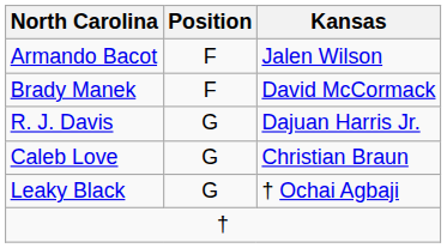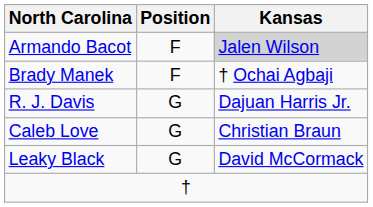 <table class="wikitable">
 <tr>
 <th>North Carolina</th>
 <th colspan="2">Position</th>
 <th>Kansas</th>
 </tr>
 <tr>
 <td><a href='#'>Armando Bacot</a></td>
 <td colspan=2 style="text-align:center">F</td>
-<td><a href='#'>Jalen Wilson</a></td>
+<td style="background: lightgrey;"><a href='#'>Jalen Wilson</a></td>
 </tr>
 <tr>
 <td><a href='#'>Brady Manek</a></td>
 <td colspan=2 style="text-align:center">F</td>
-<td><a href='#'>David McCormack</a></td>
+<td>† <a href='#'>Ochai Agbaji</a></td>
 </tr>
 <tr>
 <td><a href='#'>R. J. Davis</a></td>
 <td colspan=2 style="text-align:center">G</td>
 <td><a href='#'>Dajuan Harris Jr.</a></td>
 </tr>
 <tr>
 <td><a href='#'>Caleb Love</a></td>
 <td colspan=2 style="text-align:center">G</td>
 <td><a href='#'>Christian Braun</a></td>
 </tr>
 <tr>
 <td><a href='#'>Leaky Black</a></td>
 <td colspan=2 style="text-align:center">G</td>
-<td>† <a href='#'>Ochai Agbaji</a></td>
+<td><a href='#'>David McCormack</a></td>
 </tr>
 <tr>
 <td colspan="5" align=center>† </td>
 </tr>
 </table>
